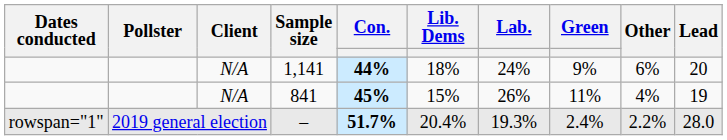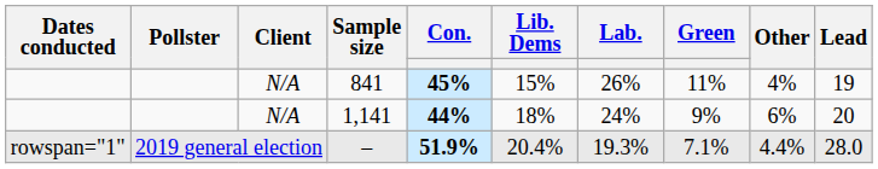 <table class="wikitable sortable mw-datatable" style="text-align:center; font-size:90%; line-height:14px;">
 <tr>
 <th rowspan="2">Dates<br>conducted</th>
 <th rowspan="2">Pollster</th>
 <th rowspan="2">Client</th>
 <th data-sort-type="number" rowspan="2">Sample<br>size</th>
 <th class="unsortable" style="width:50px;"><a href='#'>Con.</a></th>
 <th class="unsortable" style="width:50px;"><a href='#'>Lib. Dems</a></th>
 <th class="unsortable" style="width:50px;"><a href='#'>Lab.</a></th>
 <th class="unsortable" style="width:50px;"><a href='#'>Green</a></th>
 <th class="unsortable" rowspan="2">Other</th>
 <th data-sort-type="number" rowspan="2">Lead</th>
 </tr>
 <tr>
 <th data-sort-type="number" style="background:"></th>
 <th data-sort-type="number" style="background:"></th>
 <th data-sort-type="number" style="background:"></th>
 <th data-sort-type="number" style="background:"></th>
 </tr>
 <tr>
 <td></td>
 <td></td>
 <td><em>N/A</em></td>
+<td>841</td>
+<td style="background:#CCEBFF;"><strong>45%</strong></td>
+<td>15%</td>
+<td>26%</td>
+<td>11%</td>
+<td>4%</td>
+<td style="background:">19</td>
+</tr>
+<tr>
+<td></td>
+<td></td>
+<td><em>N/A</em></td>
 <td>1,141</td>
 <td style="background:#CCEBFF;"><strong>44%</strong></td>
 <td>18%</td>
 <td>24%</td>
 <td>9%</td>
 <td>6%</td>
 <td style="background:">20</td>
 </tr>
-<tr>
-<td></td>
-<td></td>
-<td><em>N/A</em></td>
-<td>841</td>
-<td style="background:#CCEBFF;"><strong>45%</strong></td>
-<td>15%</td>
-<td>26%</td>
-<td>11%</td>
-<td>4%</td>
-<td style="background:">19</td>
-</tr>
 <tr style="background:#e9e9e9;">
 <td>rowspan="1" </td>
 <td colspan="2"><a href='#'>2019 general election</a></td>
 <td>–</td>
-<td style="background:#CCEBFF;"><strong>51.7%</strong></td>
+<td style="background:#CCEBFF;"><strong>51.9%</strong></td>
 <td>20.4%</td>
 <td>19.3%</td>
-<td>2.4%</td>
-<td>2.2%</td>
+<td>7.1%</td>
+<td>4.4%</td>
 <td style="background:">28.0</td>
 </tr>
 </table>
